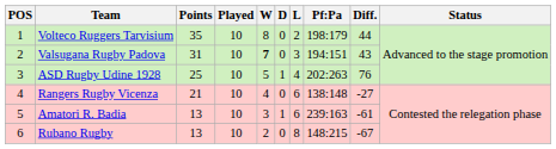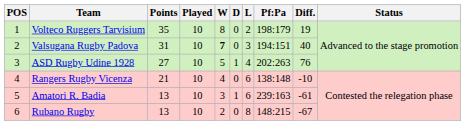 <table class="wikitable" style="float:left; margin-right:15px; text-align: center;">
 <tr>
 <th>POS</th>
 <th>Team</th>
 <th>Points</th>
 <th>Played</th>
 <th>W</th>
 <th>D</th>
 <th>L</th>
 <th>Pf:Pa</th>
 <th>Diff.</th>
 <th>Status</th>
 </tr>
 <tr style="background:#D0F0C0">
 <td>1</td>
 <td align=left><a href='#'>Volteco Ruggers Tarvisium</a></td>
 <td>35</td>
 <td>10</td>
 <td>8</td>
 <td>0</td>
 <td>2</td>
 <td>198:179</td>
-<td>44</td>
+<td>19</td>
 <td rowspan=3>Advanced to the stage promotion</td>
 </tr>
 <tr style="background:#D0F0C0">
 <td>2</td>
 <td align=left><a href='#'>Valsugana Rugby Padova</a></td>
 <td>31</td>
 <td>10</td>
 <td><strong>7</strong></td>
 <td>0</td>
 <td>3</td>
 <td>194:151</td>
-<td>43</td>
+<td>40</td>
 </tr>
 <tr style="background:#D0F0C0">
 <td>3</td>
 <td align=left><a href='#'>ASD Rugby Udine 1928</a></td>
-<td>25</td>
+<td>27</td>
 <td>10</td>
 <td>5</td>
 <td>1</td>
 <td>4</td>
 <td>202:263</td>
 <td>76</td>
 </tr>
 <tr style="background:#FFCCCC">
 <td>4</td>
 <td align=left><a href='#'>Rangers Rugby Vicenza</a></td>
 <td>21</td>
 <td>10</td>
 <td>4</td>
 <td>0</td>
 <td>6</td>
 <td>138:148</td>
-<td>-27</td>
+<td>-10</td>
 <td rowspan=3>Contested the relegation phase</td>
 </tr>
 <tr style="background:#FFCCCC">
 <td>5</td>
 <td align=left><a href='#'>Amatori R. Badia</a></td>
 <td>13</td>
 <td>10</td>
 <td>3</td>
 <td>1</td>
 <td>6</td>
 <td>239:163</td>
 <td>-61</td>
 </tr>
 <tr style="background:#FFCCCC">
 <td>6</td>
 <td align=left><a href='#'>Rubano Rugby</a></td>
 <td>13</td>
 <td>10</td>
 <td>2</td>
 <td>0</td>
 <td>8</td>
 <td>148:215</td>
 <td>-67</td>
 </tr>
 </table>
